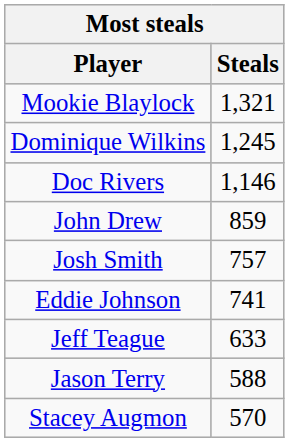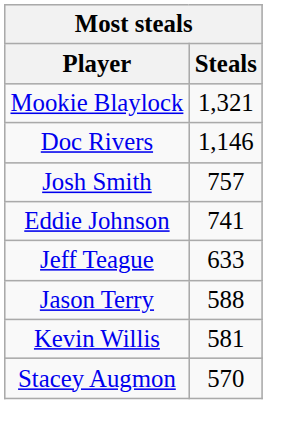 <table class="wikitable sortable" style="text-align:center">
 <tr>
 <th colspan="2">Most steals</th>
 </tr>
 <tr>
 <th>Player</th>
 <th>Steals</th>
 </tr>
 <tr>
 <td><a href='#'>Mookie Blaylock</a></td>
 <td>1,321</td>
 </tr>
 <tr>
-<td><a href='#'>Dominique Wilkins</a></td>
-<td>1,245</td>
-</tr>
-<tr>
 <td><a href='#'>Doc Rivers</a></td>
 <td>1,146</td>
-</tr>
-<tr>
-<td><a href='#'>John Drew</a></td>
-<td>859</td>
 </tr>
 <tr>
 <td><a href='#'>Josh Smith</a></td>
 <td>757</td>
 </tr>
 <tr>
 <td><a href='#'>Eddie Johnson</a></td>
 <td>741</td>
 </tr>
 <tr>
 <td><a href='#'>Jeff Teague</a></td>
 <td>633</td>
 </tr>
 <tr>
 <td><a href='#'>Jason Terry</a></td>
 <td>588</td>
 </tr>
 <tr>
+<td><a href='#'>Kevin Willis</a></td>
+<td>581</td>
+</tr>
+<tr>
 <td><a href='#'>Stacey Augmon</a></td>
 <td>570</td>
 </tr>
 </table>
